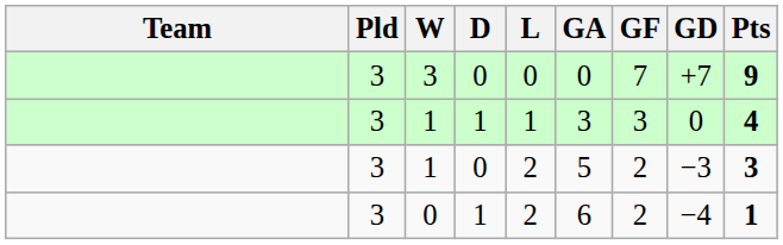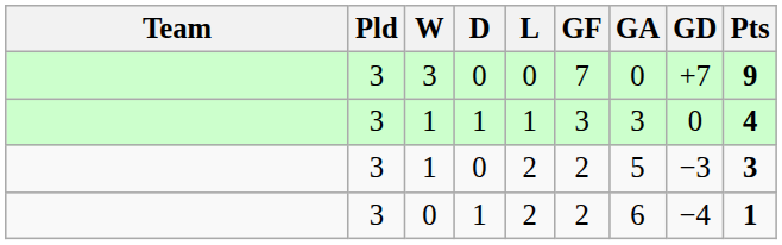 <table class="wikitable" style="text-align:center;">
 <tr>
 <th width=180>Team</th>
 <th width=20>Pld</th>
 <th width=20>W</th>
 <th width=20>D</th>
 <th width=20>L</th>
+<th width=20>GF</th>
 <th width=20>GA</th>
-<th width=20>GF</th>
 <th width=20>GD</th>
 <th width=20>Pts</th>
 </tr>
 <tr bgcolor="ccffcc">
 <td align="left"></td>
 <td>3</td>
 <td>3</td>
 <td>0</td>
 <td>0</td>
+<td>7</td>
 <td>0</td>
-<td>7</td>
 <td>+7</td>
 <td><strong>9</strong></td>
 </tr>
 <tr bgcolor="ccffcc">
 <td align="left"></td>
 <td>3</td>
 <td>1</td>
 <td>1</td>
 <td>1</td>
 <td>3</td>
 <td>3</td>
 <td>0</td>
 <td><strong>4</strong></td>
 </tr>
 <tr>
 <td align="left"></td>
 <td>3</td>
 <td>1</td>
 <td>0</td>
 <td>2</td>
+<td>2</td>
 <td>5</td>
-<td>2</td>
 <td>−3</td>
 <td><strong>3</strong></td>
 </tr>
 <tr>
 <td align="left"></td>
 <td>3</td>
 <td>0</td>
 <td>1</td>
 <td>2</td>
+<td>2</td>
 <td>6</td>
-<td>2</td>
 <td>−4</td>
 <td><strong>1</strong></td>
 </tr>
 </table>
